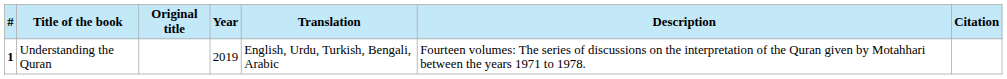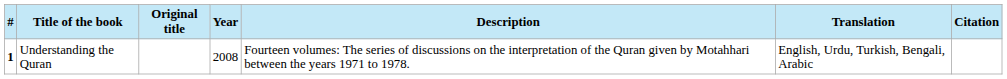 <table class="wikitable" style="background-color:#ffffff; color:#000000">
 <tr>
 <th style="background-color:#c3e8f7;">#</th>
 <th style="background-color:#c3e8f7;">Title of the book</th>
 <th style="background-color:#c3e8f7;">Original title</th>
 <th style="background-color:#c3e8f7;">Year</th>
+<th style="background-color:#c3e8f7;">Description</th>
 <th style="background-color:#c3e8f7;">Translation</th>
-<th style="background-color:#c3e8f7;">Description</th>
 <th style="background-color:#c3e8f7;">Citation</th>
 </tr>
 <tr>
 <td><strong>1</strong></td>
 <td>Understanding the Quran</td>
 <td></td>
-<td>2019</td>
+<td>2008</td>
+<td>Fourteen volumes: The series of discussions on the interpretation of the Quran given by Motahhari between the years 1971 to 1978.</td>
 <td>English, Urdu, Turkish, Bengali, Arabic</td>
-<td>Fourteen volumes: The series of discussions on the interpretation of the Quran given by Motahhari between the years 1971 to 1978.</td>
 <td></td>
 </tr>
 </table>
